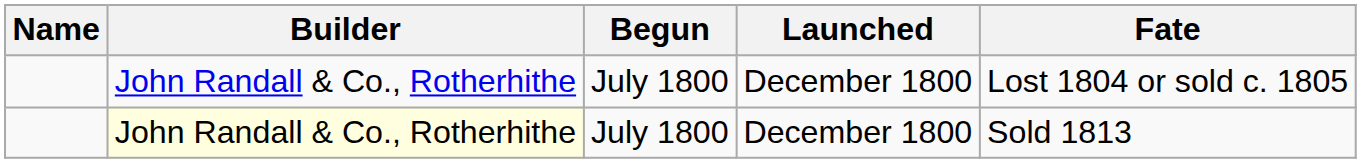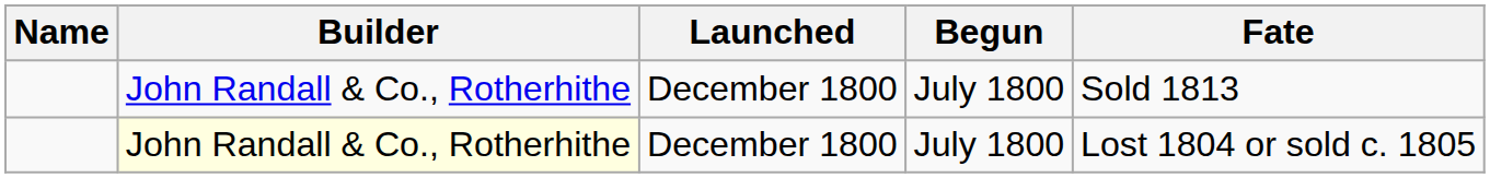 <table class="wikitable">
 <tr>
 <th>Name</th>
 <th>Builder</th>
+<th>Launched</th>
 <th>Begun</th>
-<th>Launched</th>
 <th>Fate</th>
 </tr>
 <tr>
 <td></td>
 <td><a href='#'>John Randall</a> & Co., <a href='#'>Rotherhithe</a></td>
+<td>December 1800</td>
 <td>July 1800</td>
-<td>December 1800</td>
-<td>Lost 1804 or sold c. 1805</td>
+<td>Sold 1813</td>
 </tr>
 <tr>
 <td></td>
 <td style="background: lightyellow;">John Randall & Co., Rotherhithe</td>
+<td>December 1800</td>
 <td>July 1800</td>
-<td>December 1800</td>
-<td>Sold 1813</td>
+<td>Lost 1804 or sold c. 1805</td>
 </tr>
 </table>
